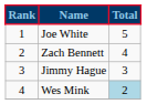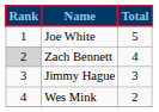 <table class="wikitable" style="text-align: center">
 <tr>
 <th style="background:#003866; color:#90C7E6; border:2px solid #EA0927;" scope="col">Rank</th>
 <th style="background:#003866; color:#90C7E6; border:2px solid #EA0927;" scope="col">Name</th>
 <th style="background:#003866; color:#90C7E6; border:2px solid #EA0927;" scope="col">Total</th>
 </tr>
 <tr>
 <td>1</td>
 <td align="left"> Joe White</td>
 <td>5</td>
 </tr>
 <tr>
-<td>2</td>
+<td style="background: lightgrey;">2</td>
 <td align="left"> Zach Bennett</td>
 <td>4</td>
 </tr>
 <tr>
 <td>3</td>
 <td align="left"> Jimmy Hague</td>
 <td>3</td>
 </tr>
 <tr>
 <td>4</td>
 <td align="left"> Wes Mink</td>
-<td style="background: lightblue;">2</td>
+<td>2</td>
 </tr>
 <tr>
 </tr>
 </table>
